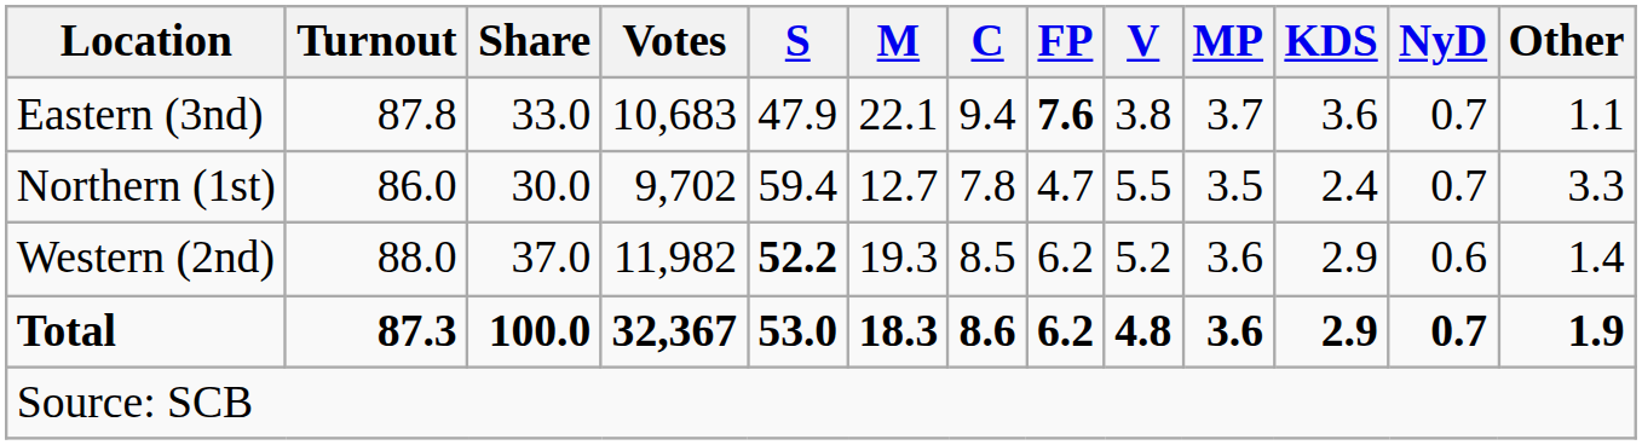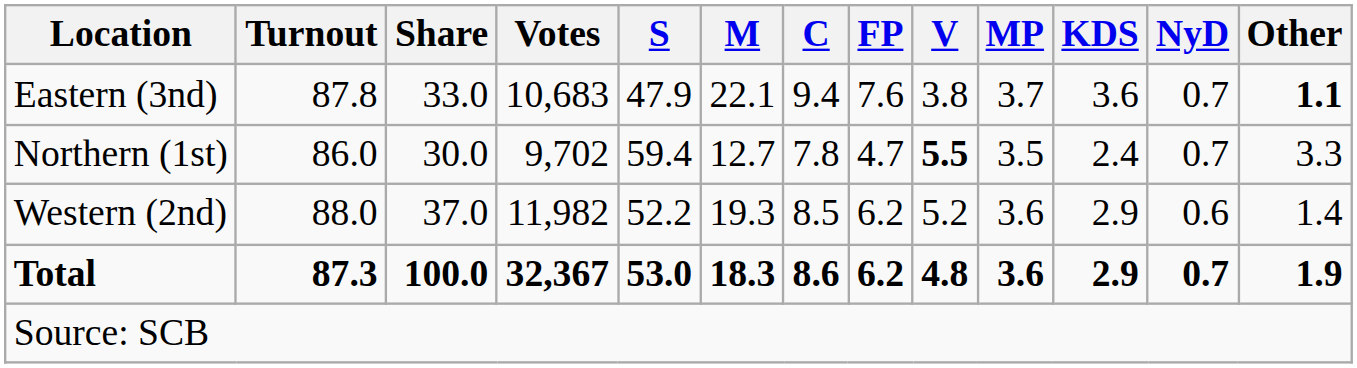 <table class="wikitable sortable" style=text-align:right>
 <tr>
 <th>Location</th>
 <th>Turnout</th>
 <th>Share</th>
 <th>Votes</th>
 <th><a href='#'>S</a></th>
 <th><a href='#'>M</a></th>
 <th><a href='#'>C</a></th>
 <th><a href='#'>FP</a></th>
 <th><a href='#'>V</a></th>
 <th><a href='#'>MP</a></th>
 <th><a href='#'>KDS</a></th>
 <th><a href='#'>NyD</a></th>
 <th>Other</th>
 </tr>
 <tr>
 <td align=left>Eastern (3nd)</td>
 <td>87.8</td>
 <td>33.0</td>
 <td>10,683</td>
 <td>47.9</td>
 <td>22.1</td>
 <td>9.4</td>
-<td><strong>7.6</strong></td>
+<td>7.6</td>
 <td>3.8</td>
 <td>3.7</td>
 <td>3.6</td>
 <td>0.7</td>
-<td>1.1</td>
+<td><strong>1.1</strong></td>
 </tr>
 <tr>
 <td align=left>Northern (1st)</td>
 <td>86.0</td>
 <td>30.0</td>
 <td>9,702</td>
 <td>59.4</td>
 <td>12.7</td>
 <td>7.8</td>
 <td>4.7</td>
-<td>5.5</td>
+<td><strong>5.5</strong></td>
 <td>3.5</td>
 <td>2.4</td>
 <td>0.7</td>
 <td>3.3</td>
 </tr>
 <tr>
 <td align=left>Western (2nd)</td>
 <td>88.0</td>
 <td>37.0</td>
 <td>11,982</td>
-<td><strong>52.2</strong></td>
+<td>52.2</td>
 <td>19.3</td>
 <td>8.5</td>
 <td>6.2</td>
 <td>5.2</td>
 <td>3.6</td>
 <td>2.9</td>
 <td>0.6</td>
 <td>1.4</td>
 </tr>
 <tr>
 <td align=left><strong>Total</strong></td>
 <td><strong>87.3</strong></td>
 <td><strong>100.0</strong></td>
 <td><strong>32,367</strong></td>
 <td><strong>53.0</strong></td>
 <td><strong>18.3</strong></td>
 <td><strong>8.6</strong></td>
 <td><strong>6.2</strong></td>
 <td><strong>4.8</strong></td>
 <td><strong>3.6</strong></td>
 <td><strong>2.9</strong></td>
 <td><strong>0.7</strong></td>
 <td><strong>1.9</strong></td>
 </tr>
 <tr>
 <td align=left colspan=13>Source: SCB </td>
 </tr>
 </table>
